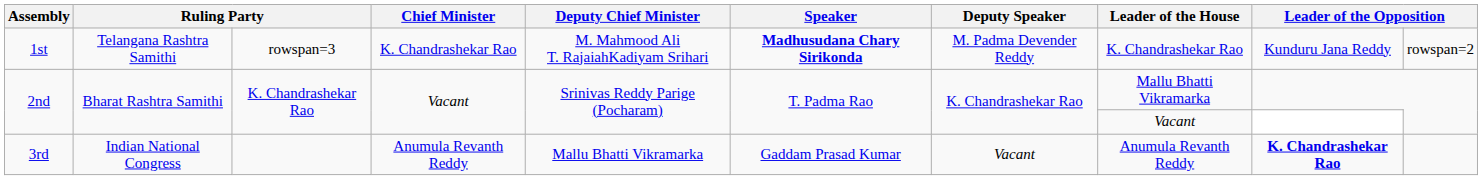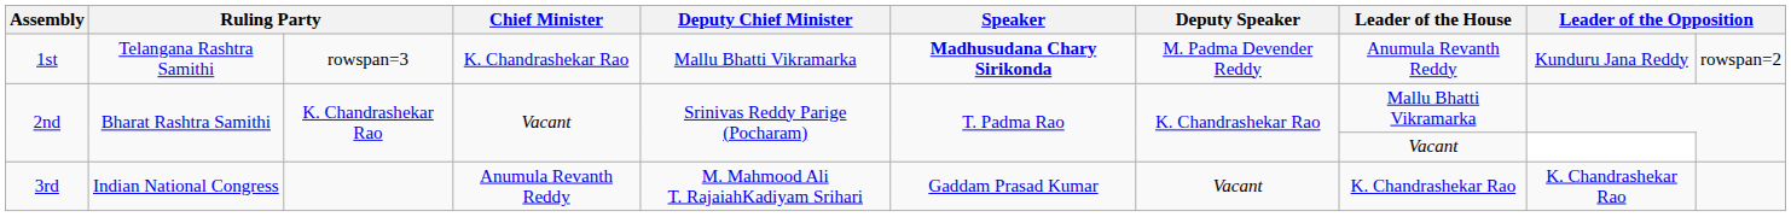 <table class="wikitable" style="text-align:center">
 <tr>
 <th>Assembly<br></th>
 <th colspan=2>Ruling Party</th>
 <th><a href='#'>Chief Minister</a></th>
 <th><a href='#'>Deputy Chief Minister</a></th>
 <th><a href='#'>Speaker</a></th>
 <th>Deputy Speaker</th>
 <th>Leader of the House</th>
 <th colspan=2><a href='#'>Leader of the Opposition</a></th>
 </tr>
 <tr>
 <td><a href='#'>1st</a><br></td>
 <td><a href='#'>Telangana Rashtra Samithi</a></td>
 <td>rowspan=3 </td>
 <td><a href='#'>K. Chandrashekar Rao</a></td>
-<td><a href='#'>M. Mahmood Ali</a><br><a href='#'>T. Rajaiah</a><a href='#'>Kadiyam Srihari</a></td>
+<td><a href='#'>Mallu Bhatti Vikramarka</a></td>
 <td><strong><a href='#'>Madhusudana Chary Sirikonda</a></strong></td>
 <td><a href='#'>M. Padma Devender Reddy</a></td>
-<td><a href='#'>K. Chandrashekar Rao</a></td>
+<td><a href='#'>Anumula Revanth Reddy</a></td>
 <td><a href='#'>Kunduru Jana Reddy</a></td>
 <td>rowspan=2 </td>
 </tr>
 <tr>
 <td rowspan=2><a href='#'>2nd</a><br></td>
 <td rowspan=2><a href='#'>Bharat Rashtra Samithi</a></td>
 <td rowspan=2><a href='#'>K. Chandrashekar Rao</a></td>
 <td rowspan=2><em>Vacant</em></td>
 <td rowspan=2><a href='#'>Srinivas Reddy Parige (Pocharam)</a></td>
 <td rowspan=2><a href='#'>T. Padma Rao</a></td>
 <td rowspan=2><a href='#'>K. Chandrashekar Rao</a></td>
 <td><a href='#'>Mallu Bhatti Vikramarka</a></td>
 </tr>
 <tr>
 <td><em>Vacant</em></td>
 <td style="background:white;"></td>
 </tr>
 <tr>
 <td><a href='#'>3rd</a><br></td>
 <td><a href='#'>Indian National Congress</a></td>
 <td></td>
 <td><a href='#'>Anumula Revanth Reddy</a></td>
-<td><a href='#'>Mallu Bhatti Vikramarka</a></td>
+<td><a href='#'>M. Mahmood Ali</a><br><a href='#'>T. Rajaiah</a><a href='#'>Kadiyam Srihari</a></td>
 <td><a href='#'>Gaddam Prasad Kumar</a></td>
 <td><em>Vacant</em></td>
-<td><a href='#'>Anumula Revanth Reddy</a></td>
-<td><strong><a href='#'>K. Chandrashekar Rao</a></strong></td>
+<td><a href='#'>K. Chandrashekar Rao</a></td>
+<td><a href='#'>K. Chandrashekar Rao</a></td>
 <td></td>
 </tr>
 </table>
